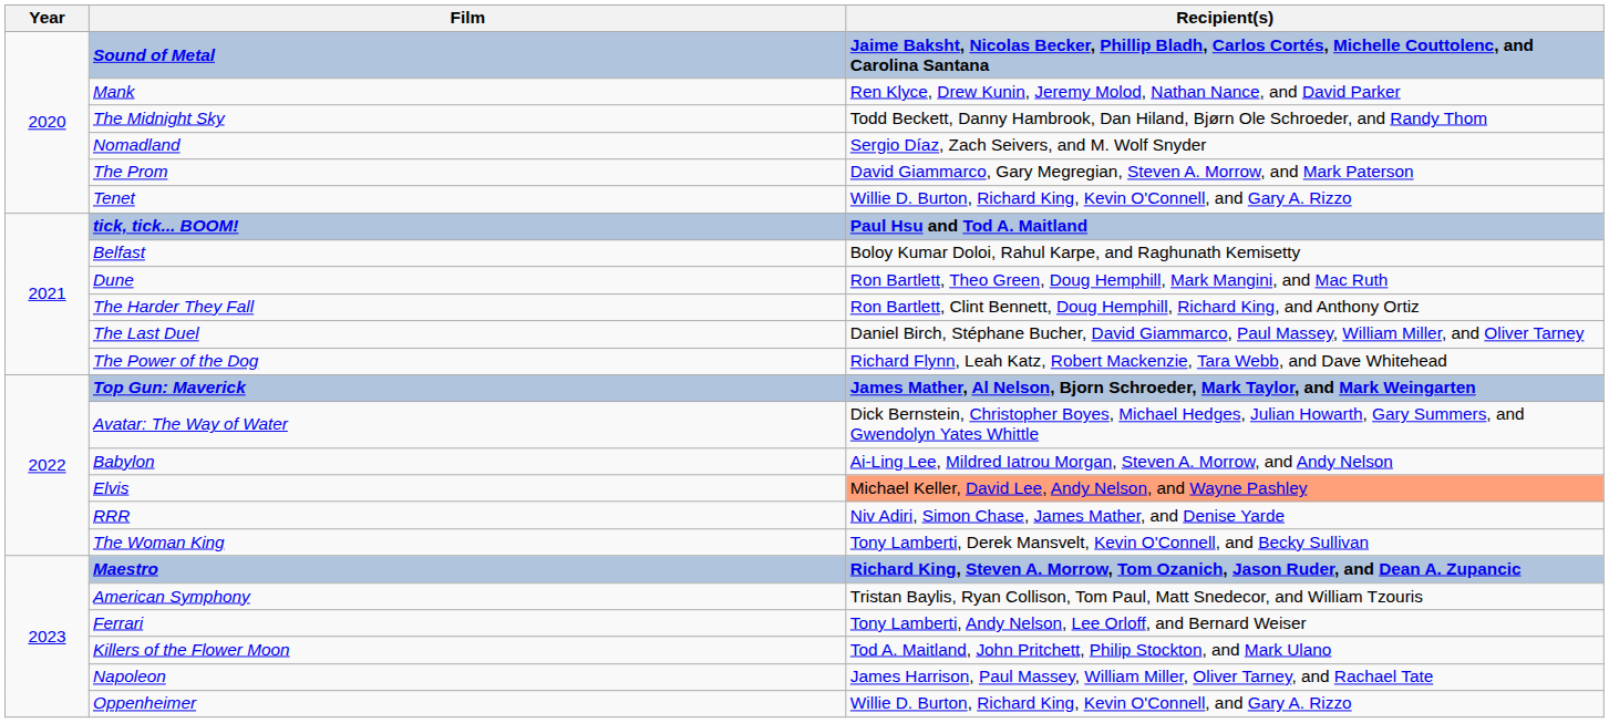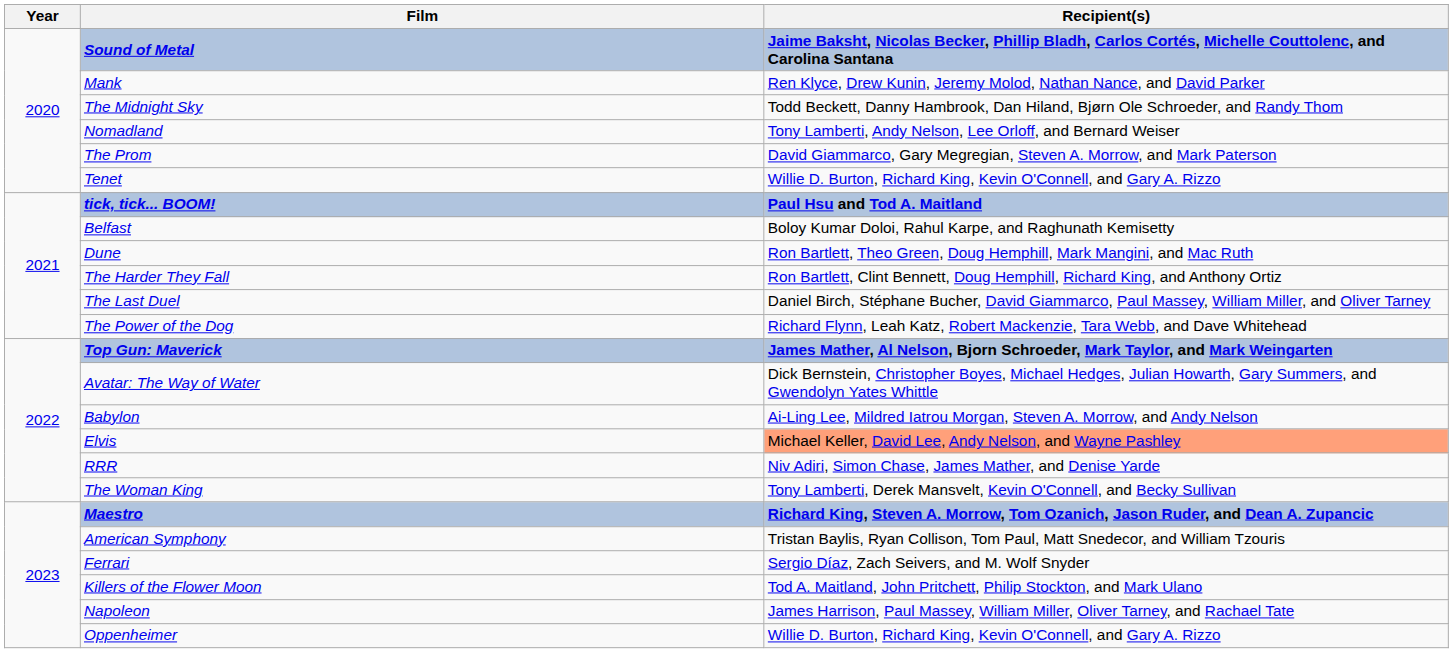 <table class="wikitable" width="95%" cellpadding="5">
 <tr>
 <th width="5%">Year</th>
 <th width="45%">Film</th>
 <th width="45%">Recipient(s)</th>
 </tr>
 <tr>
 <td rowspan="6" style="text-align:center;"><a href='#'>2020</a><br></td>
 <td style="background:#B0C4DE;"><strong><em><a href='#'>Sound of Metal</a></em></strong></td>
 <td style="background:#B0C4DE;"><strong><a href='#'>Jaime Baksht</a>, <a href='#'>Nicolas Becker</a>, <a href='#'>Phillip Bladh</a>, <a href='#'>Carlos Cortés</a>, <a href='#'>Michelle Couttolenc</a>, and Carolina Santana</strong></td>
 </tr>
 <tr>
 <td><em><a href='#'>Mank</a></em></td>
 <td><a href='#'>Ren Klyce</a>, <a href='#'>Drew Kunin</a>, <a href='#'>Jeremy Molod</a>, <a href='#'>Nathan Nance</a>, and <a href='#'>David Parker</a></td>
 </tr>
 <tr>
 <td><em><a href='#'>The Midnight Sky</a></em></td>
 <td>Todd Beckett, Danny Hambrook, Dan Hiland, Bjørn Ole Schroeder, and <a href='#'>Randy Thom</a></td>
 </tr>
 <tr>
 <td><em><a href='#'>Nomadland</a></em></td>
-<td><a href='#'>Sergio Díaz</a>, Zach Seivers, and M. Wolf Snyder</td>
+<td><a href='#'>Tony Lamberti</a>, <a href='#'>Andy Nelson</a>, <a href='#'>Lee Orloff</a>, and Bernard Weiser</td>
 </tr>
 <tr>
 <td><em><a href='#'>The Prom</a></em></td>
 <td><a href='#'>David Giammarco</a>, Gary Megregian, <a href='#'>Steven A. Morrow</a>, and <a href='#'>Mark Paterson</a></td>
 </tr>
 <tr>
 <td><em><a href='#'>Tenet</a></em></td>
 <td><a href='#'>Willie D. Burton</a>, <a href='#'>Richard King</a>, <a href='#'>Kevin O'Connell</a>, and <a href='#'>Gary A. Rizzo</a></td>
 </tr>
 <tr>
 <td rowspan="6" style="text-align:center;"><a href='#'>2021</a><br></td>
 <td style="background:#B0C4DE;"><strong><em><a href='#'>tick, tick... BOOM!</a></em></strong></td>
 <td style="background:#B0C4DE;"><strong><a href='#'>Paul Hsu</a> and <a href='#'>Tod A. Maitland</a></strong></td>
 </tr>
 <tr>
 <td><em><a href='#'>Belfast</a></em></td>
 <td>Boloy Kumar Doloi, Rahul Karpe, and Raghunath Kemisetty</td>
 </tr>
 <tr>
 <td><em><a href='#'>Dune</a></em></td>
 <td><a href='#'>Ron Bartlett</a>, <a href='#'>Theo Green</a>, <a href='#'>Doug Hemphill</a>, <a href='#'>Mark Mangini</a>, and <a href='#'>Mac Ruth</a></td>
 </tr>
 <tr>
 <td><em><a href='#'>The Harder They Fall</a></em></td>
 <td><a href='#'>Ron Bartlett</a>, Clint Bennett, <a href='#'>Doug Hemphill</a>, <a href='#'>Richard King</a>, and Anthony Ortiz</td>
 </tr>
 <tr>
 <td><em><a href='#'>The Last Duel</a></em></td>
 <td>Daniel Birch, Stéphane Bucher, <a href='#'>David Giammarco</a>, <a href='#'>Paul Massey</a>, <a href='#'>William Miller</a>, and <a href='#'>Oliver Tarney</a></td>
 </tr>
 <tr>
 <td><em><a href='#'>The Power of the Dog</a></em></td>
 <td><a href='#'>Richard Flynn</a>, Leah Katz, <a href='#'>Robert Mackenzie</a>, <a href='#'>Tara Webb</a>, and Dave Whitehead</td>
 </tr>
 <tr>
 <td rowspan="6" style="text-align:center;"><a href='#'>2022</a><br></td>
 <td style="background:#B0C4DE;"><strong><em><a href='#'>Top Gun: Maverick</a></em></strong></td>
 <td style="background:#B0C4DE;"><strong><a href='#'>James Mather</a>, <a href='#'>Al Nelson</a>, Bjorn Schroeder, <a href='#'>Mark Taylor</a>, and <a href='#'>Mark Weingarten</a></strong></td>
 </tr>
 <tr>
 <td><em><a href='#'>Avatar: The Way of Water</a></em></td>
 <td>Dick Bernstein, <a href='#'>Christopher Boyes</a>, <a href='#'>Michael Hedges</a>, <a href='#'>Julian Howarth</a>, <a href='#'>Gary Summers</a>, and <a href='#'>Gwendolyn Yates Whittle</a></td>
 </tr>
 <tr>
 <td><em><a href='#'>Babylon</a></em></td>
 <td><a href='#'>Ai-Ling Lee</a>, <a href='#'>Mildred Iatrou Morgan</a>, <a href='#'>Steven A. Morrow</a>, and <a href='#'>Andy Nelson</a></td>
 </tr>
 <tr>
 <td><em><a href='#'>Elvis</a></em></td>
 <td style="background: lightsalmon;">Michael Keller, <a href='#'>David Lee</a>, <a href='#'>Andy Nelson</a>, and <a href='#'>Wayne Pashley</a></td>
 </tr>
 <tr>
 <td><em><a href='#'>RRR</a></em></td>
 <td><a href='#'>Niv Adiri</a>, <a href='#'>Simon Chase</a>, <a href='#'>James Mather</a>, and <a href='#'>Denise Yarde</a></td>
 </tr>
 <tr>
 <td><em><a href='#'>The Woman King</a></em></td>
 <td><a href='#'>Tony Lamberti</a>, Derek Mansvelt, <a href='#'>Kevin O'Connell</a>, and <a href='#'>Becky Sullivan</a></td>
 </tr>
 <tr>
 <td rowspan="6" style="text-align:center;"><a href='#'>2023</a><br></td>
 <td style="background:#B0C4DE;"><strong><em><a href='#'>Maestro</a></em></strong></td>
 <td style="background:#B0C4DE;"><strong><a href='#'>Richard King</a>, <a href='#'>Steven A. Morrow</a>, <a href='#'>Tom Ozanich</a>, <a href='#'>Jason Ruder</a>, and <a href='#'>Dean A. Zupancic</a></strong></td>
 </tr>
 <tr>
 <td><em><a href='#'>American Symphony</a></em></td>
 <td>Tristan Baylis, Ryan Collison, Tom Paul, Matt Snedecor, and William Tzouris</td>
 </tr>
 <tr>
 <td><em><a href='#'>Ferrari</a></em></td>
-<td><a href='#'>Tony Lamberti</a>, <a href='#'>Andy Nelson</a>, <a href='#'>Lee Orloff</a>, and Bernard Weiser</td>
+<td><a href='#'>Sergio Díaz</a>, Zach Seivers, and M. Wolf Snyder</td>
 </tr>
 <tr>
 <td><em><a href='#'>Killers of the Flower Moon</a></em></td>
 <td><a href='#'>Tod A. Maitland</a>, <a href='#'>John Pritchett</a>, <a href='#'>Philip Stockton</a>, and <a href='#'>Mark Ulano</a></td>
 </tr>
 <tr>
 <td><em><a href='#'>Napoleon</a></em></td>
 <td><a href='#'>James Harrison</a>, <a href='#'>Paul Massey</a>, <a href='#'>William Miller</a>, <a href='#'>Oliver Tarney</a>, and <a href='#'>Rachael Tate</a></td>
 </tr>
 <tr>
 <td><em><a href='#'>Oppenheimer</a></em></td>
 <td><a href='#'>Willie D. Burton</a>, <a href='#'>Richard King</a>, <a href='#'>Kevin O'Connell</a>, and <a href='#'>Gary A. Rizzo</a></td>
 </tr>
 </table>
